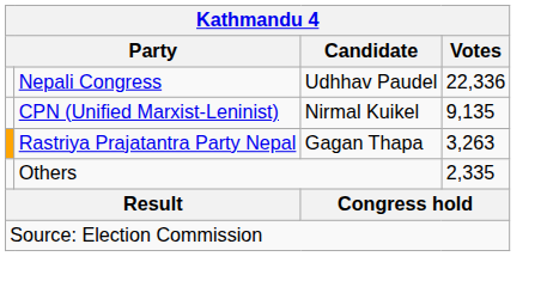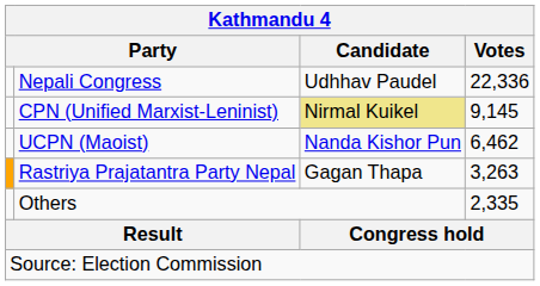 <table class="wikitable">
 <tr>
 <th colspan="4"><a href='#'>Kathmandu 4</a></th>
 </tr>
 <tr>
 <th colspan="2">Party</th>
 <th>Candidate</th>
 <th>Votes</th>
 </tr>
 <tr>
 <td style="background-color:"></td>
 <td><a href='#'>Nepali Congress</a></td>
 <td>Udhhav Paudel</td>
 <td>22,336</td>
 </tr>
 <tr>
 <td style="background-color:"></td>
 <td><a href='#'>CPN (Unified Marxist-Leninist)</a></td>
-<td>Nirmal Kuikel</td>
-<td>9,135</td>
+<td style="background: khaki;">Nirmal Kuikel</td>
+<td>9,145</td>
+</tr>
+<tr>
+<td style="background-color:"></td>
+<td><a href='#'>UCPN (Maoist)</a></td>
+<td><a href='#'>Nanda Kishor Pun</a></td>
+<td>6,462</td>
 </tr>
 <tr>
 <td style="background-color:orange"></td>
 <td><a href='#'>Rastriya Prajatantra Party Nepal</a></td>
 <td>Gagan Thapa</td>
 <td>3,263</td>
 </tr>
 <tr>
 <td></td>
 <td colspan="2">Others</td>
 <td>2,335</td>
 </tr>
 <tr>
 <th colspan="2">Result</th>
 <th colspan="2">Congress hold</th>
 </tr>
 <tr>
 <td colspan="4">Source: Election Commission</td>
 </tr>
 </table>
